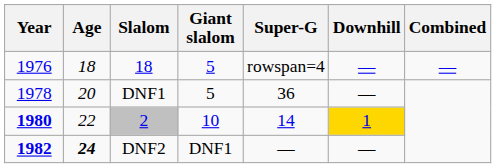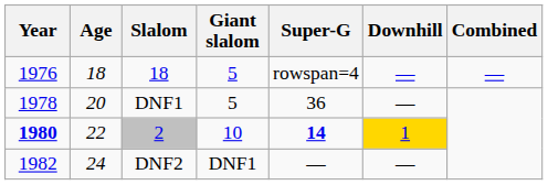 <table class=wikitable style="text-align:center">
 <tr>
 <th>  Year  </th>
 <th> Age </th>
 <th> Slalom </th>
 <th> Giant <br> slalom </th>
 <th>Super-G</th>
 <th>Downhill</th>
 <th>Combined</th>
 </tr>
 <tr>
 <td><a href='#'>1976</a></td>
 <td><em>18</em></td>
 <td><a href='#'>18</a></td>
 <td><a href='#'>5</a></td>
 <td>rowspan=4</td>
 <td><a href='#'>—</a></td>
 <td><a href='#'>—</a></td>
 </tr>
 <tr>
 <td><a href='#'>1978</a></td>
 <td><em>20</em></td>
 <td>DNF1</td>
 <td>5</td>
 <td>36</td>
 <td>—</td>
 </tr>
 <tr>
 <td><strong><a href='#'>1980</a></strong></td>
 <td><em>22</em></td>
 <td style="background:silver;"><a href='#'>2</a></td>
 <td><a href='#'>10</a></td>
-<td><a href='#'>14</a></td>
+<td><strong><a href='#'>14</a></strong></td>
 <td style="background:gold;"><a href='#'>1</a></td>
 </tr>
 <tr>
-<td><strong><a href='#'>1982</a></strong></td>
-<td><strong><em>24</em></strong></td>
+<td><a href='#'>1982</a></td>
+<td><em>24</em></td>
 <td>DNF2</td>
 <td>DNF1</td>
 <td>—</td>
 <td>—</td>
 </tr>
 </table>
